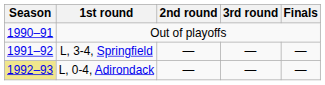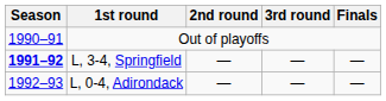 <table class="wikitable" style="text-align:center">
 <tr>
 <th>Season</th>
 <th>1st round</th>
 <th>2nd round</th>
 <th>3rd round</th>
 <th>Finals</th>
 </tr>
 <tr>
 <td><a href='#'>1990–91</a></td>
 <td colspan="4">Out of playoffs</td>
 </tr>
 <tr>
-<td><a href='#'>1991–92</a></td>
+<td><strong><a href='#'>1991–92</a></strong></td>
 <td>L, 3-4, <a href='#'>Springfield</a></td>
 <td>—</td>
 <td>—</td>
 <td>—</td>
 </tr>
 <tr>
-<td style="background: khaki;"><a href='#'>1992–93</a></td>
+<td><a href='#'>1992–93</a></td>
 <td>L, 0-4, <a href='#'>Adirondack</a></td>
 <td>—</td>
 <td>—</td>
 <td>—</td>
 </tr>
 </table>
